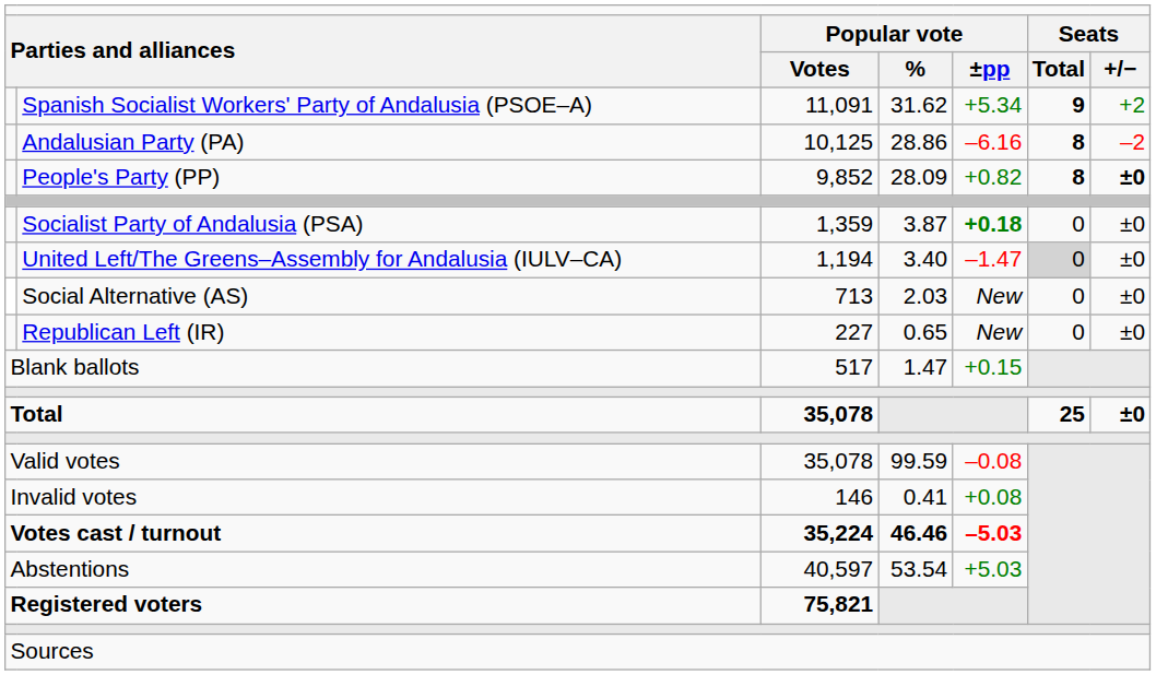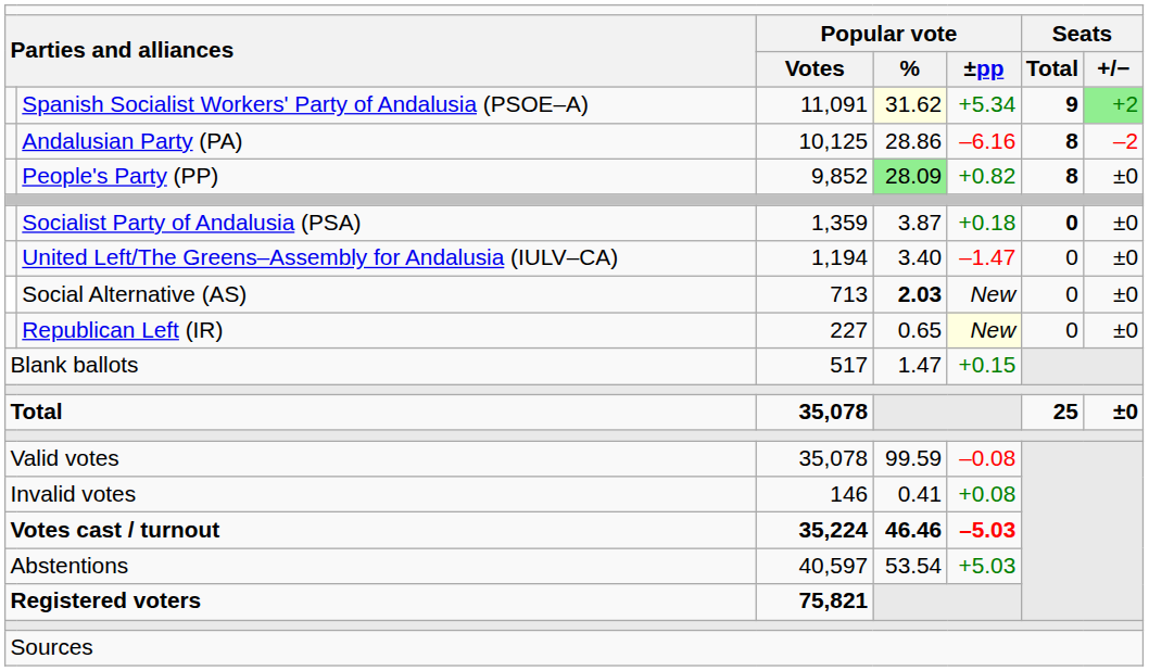 <table class="wikitable" style="text-align:right;">
 <tr>
 <td colspan="7"></td>
 </tr>
 <tr>
 <th style="text-align:left;" rowspan="2" colspan="2" width="525">Parties and alliances</th>
 <th colspan="3">Popular vote</th>
 <th colspan="2">Seats</th>
 </tr>
 <tr>
 <th width="75">Votes</th>
 <th width="45">%</th>
 <th width="45">±<a href='#'>pp</a></th>
 <th width="35">Total</th>
 <th width="35">+/−</th>
 </tr>
 <tr>
 <td width="1" style="color:inherit;background:"></td>
 <td align="left"><a href='#'>Spanish Socialist Workers' Party of Andalusia</a> (PSOE–A)</td>
 <td>11,091</td>
-<td>31.62</td>
+<td style="background: lightyellow;">31.62</td>
 <td style="color:green;">+5.34</td>
 <td><strong>9</strong></td>
-<td style="color:green;">+2</td>
+<td style="background: lightgreen; color:green;">+2</td>
 </tr>
 <tr>
 <td style="color:inherit;background:"></td>
 <td align="left"><a href='#'>Andalusian Party</a> (PA)</td>
 <td>10,125</td>
 <td>28.86</td>
 <td style="color:red;">–6.16</td>
 <td><strong>8</strong></td>
 <td style="color:red;">–2</td>
 </tr>
 <tr>
 <td style="color:inherit;background:"></td>
 <td align="left"><a href='#'>People's Party</a> (PP)</td>
 <td>9,852</td>
-<td>28.09</td>
+<td style="background: lightgreen;">28.09</td>
 <td style="color:green;">+0.82</td>
 <td><strong>8</strong></td>
-<td><strong>±0</strong></td>
+<td>±0</td>
 </tr>
 <tr>
 <td colspan="7" bgcolor="#C0C0C0"></td>
 </tr>
 <tr>
 <td style="color:inherit;background:"></td>
 <td align="left"><a href='#'>Socialist Party of Andalusia</a> (PSA)</td>
 <td>1,359</td>
 <td>3.87</td>
-<td style="color:green;"><strong>+0.18</strong></td>
-<td>0</td>
+<td style="color:green;">+0.18</td>
+<td><strong>0</strong></td>
 <td>±0</td>
 </tr>
 <tr>
 <td style="color:inherit;background:"></td>
 <td align="left"><a href='#'>United Left/The Greens–Assembly for Andalusia</a> (IULV–CA)</td>
 <td>1,194</td>
 <td>3.40</td>
 <td style="color:red;">–1.47</td>
-<td style="background: lightgrey;">0</td>
+<td>0</td>
 <td>±0</td>
 </tr>
 <tr>
 <td bgcolor="white"></td>
 <td align="left">Social Alternative (AS)</td>
 <td>713</td>
-<td>2.03</td>
+<td><strong>2.03</strong></td>
 <td><em>New</em></td>
 <td>0</td>
 <td>±0</td>
 </tr>
 <tr>
 <td style="color:inherit;background:"></td>
 <td align="left"><a href='#'>Republican Left</a> (IR)</td>
 <td>227</td>
 <td>0.65</td>
-<td><em>New</em></td>
+<td style="background: lightyellow;"><em>New</em></td>
 <td>0</td>
 <td>±0</td>
 </tr>
 <tr>
 <td align="left" colspan="2">Blank ballots</td>
 <td>517</td>
 <td>1.47</td>
 <td style="color:green;">+0.15</td>
 <td bgcolor="#E9E9E9" colspan="2"></td>
 </tr>
 <tr>
 <td colspan="7" bgcolor="#E9E9E9"></td>
 </tr>
 <tr style="font-weight:bold;">
 <td align="left" colspan="2">Total</td>
 <td>35,078</td>
 <td bgcolor="#E9E9E9" colspan="2"></td>
 <td>25</td>
 <td>±0</td>
 </tr>
 <tr>
 <td colspan="7" bgcolor="#E9E9E9"></td>
 </tr>
 <tr>
 <td align="left" colspan="2">Valid votes</td>
 <td>35,078</td>
 <td>99.59</td>
 <td style="color:red;">–0.08</td>
 <td bgcolor="#E9E9E9" colspan="2" rowspan="5"></td>
 </tr>
 <tr>
 <td align="left" colspan="2">Invalid votes</td>
 <td>146</td>
 <td>0.41</td>
 <td style="color:green;">+0.08</td>
 </tr>
 <tr style="font-weight:bold;">
 <td align="left" colspan="2">Votes cast / turnout</td>
 <td>35,224</td>
 <td>46.46</td>
 <td style="color:red;">–5.03</td>
 </tr>
 <tr>
 <td align="left" colspan="2">Abstentions</td>
 <td>40,597</td>
 <td>53.54</td>
 <td style="color:green;">+5.03</td>
 </tr>
 <tr style="font-weight:bold;">
 <td align="left" colspan="2">Registered voters</td>
 <td>75,821</td>
 <td bgcolor="#E9E9E9" colspan="2"></td>
 </tr>
 <tr>
 <td colspan="7" bgcolor="#E9E9E9"></td>
 </tr>
 <tr>
 <td align="left" colspan="7">Sources</td>
 </tr>
 </table>
